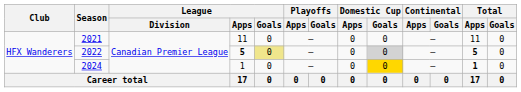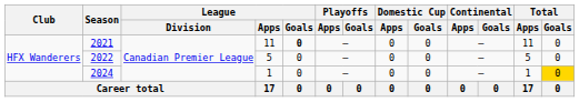 <table class="wikitable" style="text-align: center">
 <tr>
 <th rowspan="2">Club</th>
 <th rowspan="2">Season</th>
 <th colspan="3">League</th>
 <th colspan="2">Playoffs</th>
 <th colspan="2">Domestic Cup</th>
 <th colspan="2">Continental</th>
 <th colspan="2">Total</th>
 </tr>
 <tr>
 <th>Division</th>
 <th>Apps</th>
 <th>Goals</th>
 <th>Apps</th>
 <th>Goals</th>
 <th>Apps</th>
 <th>Goals</th>
 <th>Apps</th>
 <th>Goals</th>
 <th>Apps</th>
 <th>Goals</th>
 </tr>
 <tr>
 <td rowspan=3><a href='#'>HFX Wanderers</a></td>
 <td><a href='#'>2021</a></td>
 <td rowspan=3><a href='#'>Canadian Premier League</a></td>
 <td>11</td>
-<td>0</td>
+<td><strong>0</strong></td>
 <td colspan=2>—</td>
 <td>0</td>
 <td>0</td>
 <td colspan="2">—</td>
 <td>11</td>
 <td>0</td>
 </tr>
 <tr>
 <td><a href='#'>2022</a></td>
-<td><strong>5</strong></td>
-<td style="background: khaki;">0</td>
+<td>5</td>
+<td>0</td>
 <td colspan=2>—</td>
 <td>0</td>
-<td style="background: lightgrey;">0</td>
+<td>0</td>
 <td colspan="2">—</td>
-<td><strong>5</strong></td>
+<td>5</td>
 <td>0</td>
 </tr>
 <tr>
 <td><a href='#'>2024</a></td>
 <td>1</td>
 <td>0</td>
 <td colspan=2>—</td>
 <td>0</td>
+<td>0</td>
+<td colspan="2">—</td>
+<td>1</td>
 <td style="background: gold;">0</td>
-<td colspan="2">—</td>
-<td><strong>1</strong></td>
-<td>0</td>
 </tr>
 <tr>
 <th colspan="3"><strong>Career total</strong></th>
 <th>17</th>
 <th>0</th>
 <th>0</th>
 <th>0</th>
 <th>0</th>
 <th>0</th>
 <th>0</th>
 <th>0</th>
 <th>17</th>
 <th>0</th>
 </tr>
 </table>
